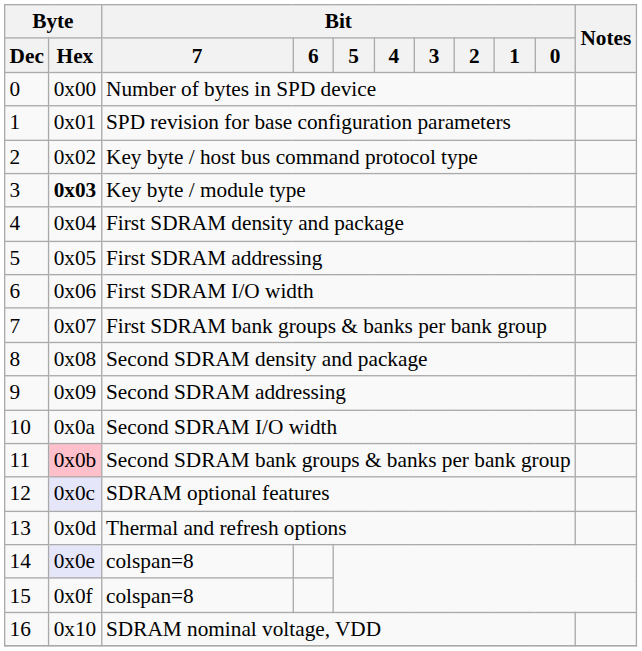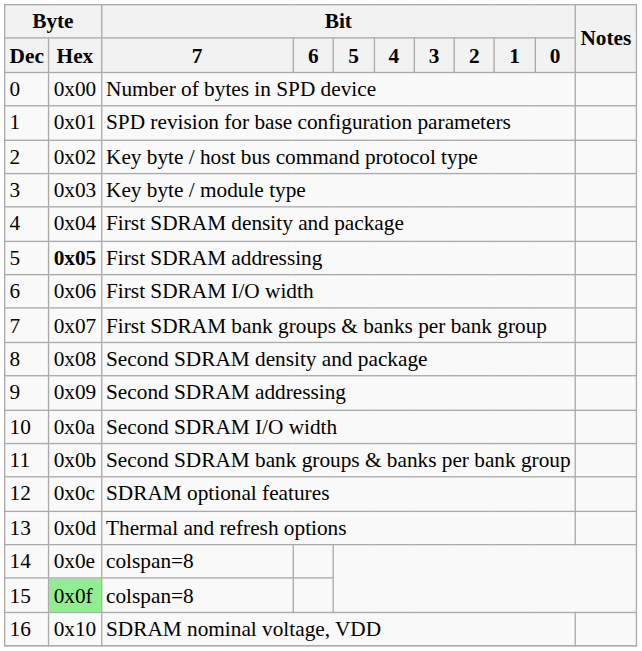 <table class=wikitable>
 <tr>
 <th colspan=2>Byte</th>
 <th colspan=8>Bit</th>
 <th rowspan=2>Notes</th>
 </tr>
 <tr>
 <th>Dec</th>
 <th>Hex</th>
 <th>7</th>
 <th>6</th>
 <th>5</th>
 <th>4</th>
 <th>3</th>
 <th>2</th>
 <th>1</th>
 <th>0</th>
 </tr>
 <tr>
 <td>0</td>
 <td>0x00</td>
 <td colspan=8>Number of bytes in SPD device</td>
 <td></td>
 </tr>
 <tr>
 <td>1</td>
 <td>0x01</td>
 <td colspan=8>SPD revision for base configuration parameters</td>
 <td></td>
 </tr>
 <tr>
 <td>2</td>
 <td>0x02</td>
 <td colspan=8>Key byte / host bus command protocol type</td>
 <td></td>
 </tr>
 <tr>
 <td>3</td>
-<td><strong>0x03</strong></td>
+<td>0x03</td>
 <td colspan=8>Key byte / module type</td>
 <td></td>
 </tr>
 <tr>
 <td>4</td>
 <td>0x04</td>
 <td colspan=8>First SDRAM density and package</td>
 <td></td>
 </tr>
 <tr>
 <td>5</td>
-<td>0x05</td>
+<td><strong>0x05</strong></td>
 <td colspan=8>First SDRAM addressing</td>
 <td></td>
 </tr>
 <tr>
 <td>6</td>
 <td>0x06</td>
 <td colspan=8>First SDRAM I/O width</td>
 <td></td>
 </tr>
 <tr>
 <td>7</td>
 <td>0x07</td>
 <td colspan=8>First SDRAM bank groups & banks per bank group</td>
 <td></td>
 </tr>
 <tr>
 <td>8</td>
 <td>0x08</td>
 <td colspan=8>Second SDRAM density and package</td>
 <td></td>
 </tr>
 <tr>
 <td>9</td>
 <td>0x09</td>
 <td colspan=8>Second SDRAM addressing</td>
 <td></td>
 </tr>
 <tr>
 <td>10</td>
 <td>0x0a</td>
 <td colspan=8>Second SDRAM I/O width</td>
 <td></td>
 </tr>
 <tr>
 <td>11</td>
-<td style="background: pink;">0x0b</td>
+<td>0x0b</td>
 <td colspan=8>Second SDRAM bank groups & banks per bank group</td>
 <td></td>
 </tr>
 <tr>
 <td>12</td>
-<td style="background: lavender;">0x0c</td>
+<td>0x0c</td>
 <td colspan=8>SDRAM optional features</td>
 <td></td>
 </tr>
 <tr>
 <td>13</td>
 <td>0x0d</td>
 <td colspan=8>Thermal and refresh options</td>
 <td></td>
 </tr>
 <tr>
 <td>14</td>
-<td style="background: lavender;">0x0e</td>
+<td>0x0e</td>
 <td>colspan=8 </td>
 <td></td>
 </tr>
 <tr>
 <td>15</td>
-<td>0x0f</td>
+<td style="background: lightgreen;">0x0f</td>
 <td>colspan=8 </td>
 <td></td>
 </tr>
 <tr>
 <td>16</td>
 <td>0x10</td>
 <td colspan=8>SDRAM nominal voltage, VDD</td>
 <td></td>
 </tr>
 <tr>
 </tr>
 </table>
